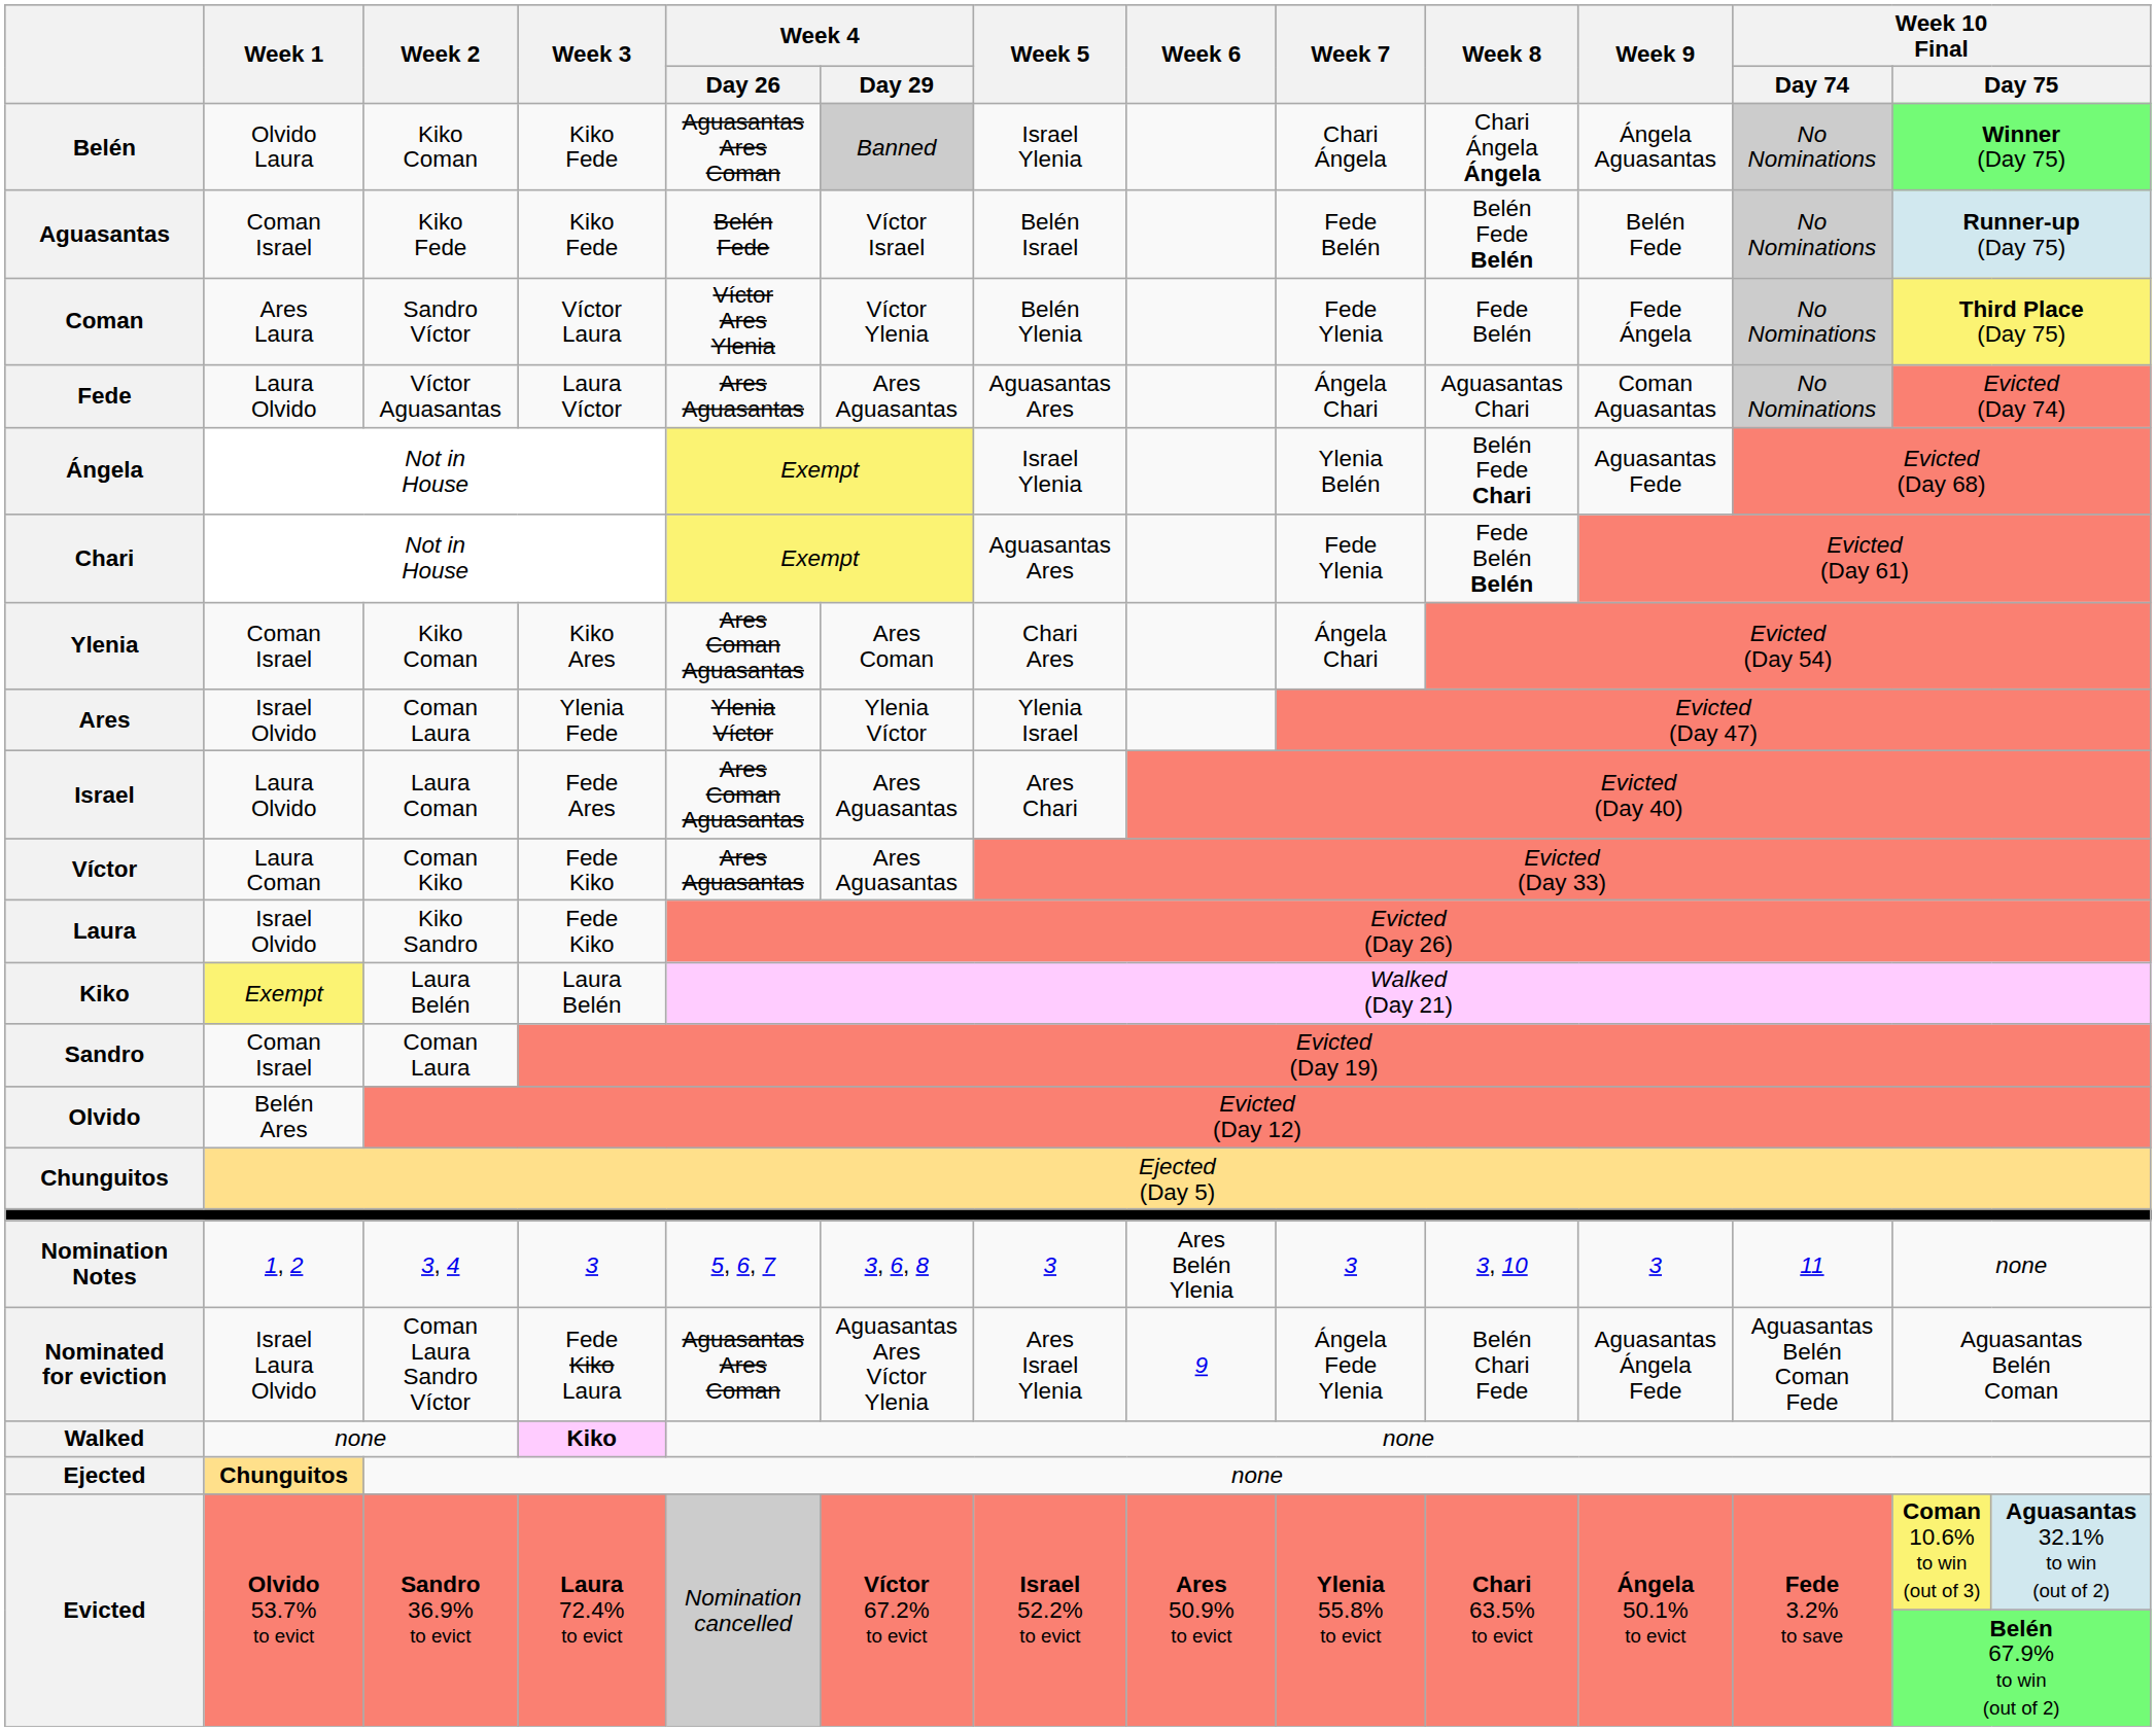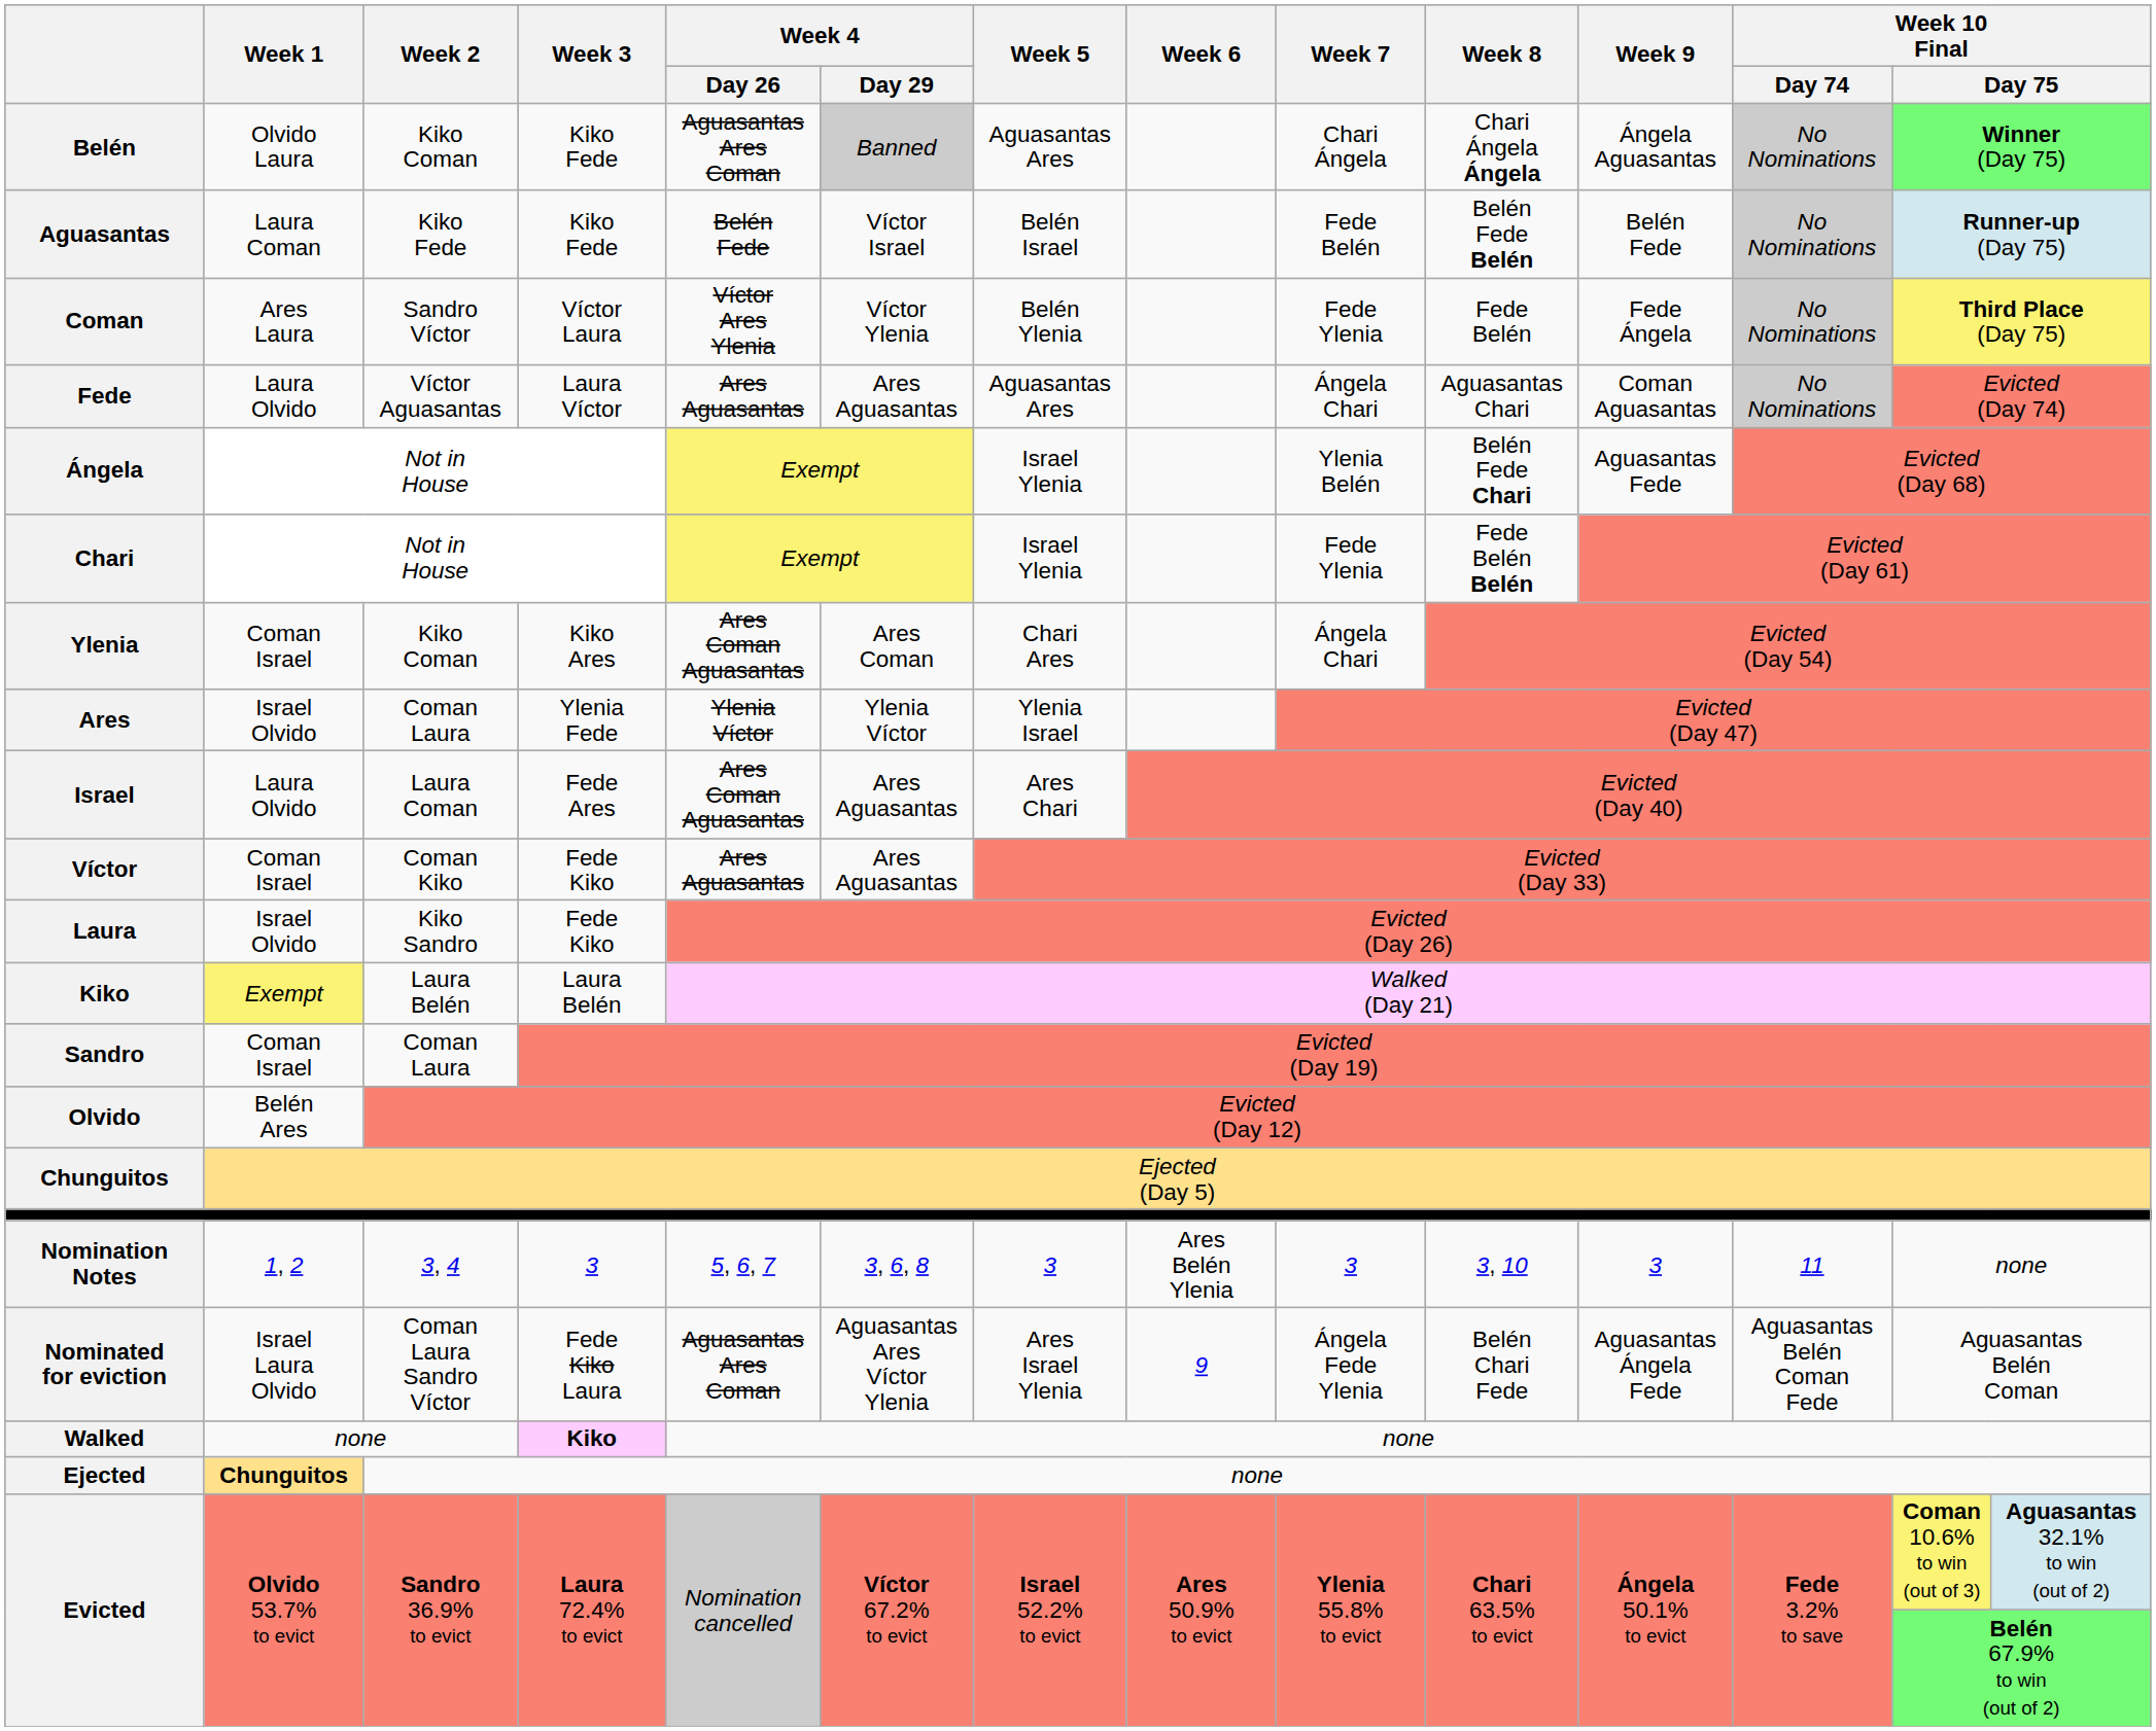 <table class="wikitable" style="text-align:center; width: 100%; font-size:85%; line-height:15px;">
 <tr>
 <th rowspan=2 style="width:8%"></th>
 <th rowspan=2 style="width:6%">Week 1</th>
 <th rowspan=2 style="width:6%">Week 2</th>
 <th rowspan=2 style="width:6%">Week 3</th>
 <th colspan="2" style="width: 12%;">Week 4</th>
 <th rowspan=2 style="width:6%">Week 5</th>
 <th rowspan=2 style="width:6%">Week 6</th>
 <th rowspan=2 style="width:6%">Week 7</th>
 <th rowspan=2 style="width:6%">Week 8</th>
 <th rowspan="2" style="width: 6%;">Week 9</th>
 <th colspan="3">Week 10<br>Final</th>
 </tr>
 <tr>
 <th style="width:6%">Day 26</th>
 <th style="width:6%">Day 29</th>
 <th style="width:6%">Day 74</th>
 <th colspan="2" style="width:8%">Day 75</th>
 </tr>
 <tr>
 <th>Belén</th>
 <td>Olvido<br>Laura</td>
 <td>Kiko<br>Coman</td>
 <td>Kiko<br>Fede</td>
 <td><s>Aguasantas<br>Ares<br>Coman</s></td>
 <td style="background:#CCCCCC"><em>Banned</em></td>
-<td>Israel<br>Ylenia</td>
+<td>Aguasantas<br>Ares</td>
 <td><br></td>
 <td>Chari<br>Ángela</td>
 <td>Chari<br>Ángela<br><strong>Ángela</strong></td>
 <td>Ángela<br>Aguasantas</td>
 <td style="background:#CCCCCC"><em>No<br>Nominations</em></td>
 <td colspan="2" style="background:#73FB76"><strong>Winner</strong><br>(Day 75)</td>
 </tr>
 <tr>
 <th>Aguasantas</th>
-<td>Coman<br>Israel</td>
+<td>Laura<br>Coman</td>
 <td>Kiko<br>Fede</td>
 <td>Kiko<br>Fede</td>
 <td><s>Belén<br>Fede</s></td>
 <td>Víctor<br>Israel</td>
 <td>Belén<br>Israel</td>
 <td><br></td>
 <td>Fede<br>Belén</td>
 <td>Belén<br>Fede<br><strong>Belén</strong></td>
 <td>Belén<br>Fede</td>
 <td style="background:#CCCCCC"><em>No<br>Nominations</em></td>
 <td colspan="2" style="background:#D1E8EF"><strong>Runner-up</strong><br>(Day 75)</td>
 </tr>
 <tr>
 <th>Coman</th>
 <td>Ares<br>Laura</td>
 <td>Sandro<br>Víctor</td>
 <td>Víctor<br>Laura</td>
 <td><s>Víctor<br>Ares<br>Ylenia</s></td>
 <td>Víctor<br>Ylenia</td>
 <td>Belén<br>Ylenia</td>
 <td><br></td>
 <td>Fede<br>Ylenia</td>
 <td>Fede<br>Belén</td>
 <td>Fede<br>Ángela</td>
 <td style="background:#CCCCCC"><em>No<br>Nominations</em></td>
 <td colspan="2" style="background:#FBF373"><strong>Third Place</strong><br>(Day 75)</td>
 </tr>
 <tr>
 <th>Fede</th>
 <td>Laura<br>Olvido</td>
 <td>Víctor<br>Aguasantas</td>
 <td>Laura<br>Víctor</td>
 <td><s>Ares<br>Aguasantas</s></td>
 <td>Ares<br>Aguasantas</td>
 <td>Aguasantas<br>Ares</td>
 <td><br></td>
 <td>Ángela<br>Chari</td>
 <td>Aguasantas<br>Chari</td>
 <td>Coman<br>Aguasantas</td>
 <td style="background:#CCCCCC"><em>No<br>Nominations</em></td>
 <td colspan="2" style="background:salmon; text-align:center;"><em>Evicted</em><br>(Day 74)</td>
 </tr>
 <tr>
 <th>Ángela</th>
 <td style="background:white;" colspan=3><em>Not in<br>House</em></td>
 <td colspan="2" style="background:#FBF373;"><em>Exempt</em></td>
 <td>Israel<br>Ylenia</td>
 <td><br></td>
 <td>Ylenia<br>Belén</td>
 <td>Belén<br>Fede<br><strong>Chari</strong></td>
 <td>Aguasantas<br>Fede</td>
 <td colspan="3" style="background:salmon; text-align:center;"><em>Evicted</em><br>(Day 68)</td>
 </tr>
 <tr>
 <th>Chari</th>
 <td style="background:white;" colspan=3><em>Not in<br>House</em></td>
 <td colspan="2" style="background:#FBF373;"><em>Exempt</em></td>
-<td>Aguasantas<br>Ares</td>
+<td>Israel<br>Ylenia</td>
 <td><br></td>
 <td>Fede<br>Ylenia</td>
 <td>Fede<br>Belén<br><strong>Belén</strong></td>
 <td colspan="4" style="background:salmon; text-align:center;"><em>Evicted</em><br>(Day 61)</td>
 </tr>
 <tr>
 <th>Ylenia</th>
 <td>Coman<br>Israel</td>
 <td>Kiko<br>Coman</td>
 <td>Kiko<br>Ares</td>
 <td><s>Ares<br>Coman<br>Aguasantas</s></td>
 <td>Ares<br>Coman</td>
 <td>Chari<br>Ares</td>
 <td><br></td>
 <td>Ángela<br>Chari</td>
 <td colspan="5" style="background:salmon; text-align:center;"><em>Evicted</em><br>(Day 54)</td>
 </tr>
 <tr>
 <th>Ares</th>
 <td>Israel<br>Olvido</td>
 <td>Coman<br>Laura</td>
 <td>Ylenia<br>Fede</td>
 <td><s>Ylenia<br>Víctor</s></td>
 <td>Ylenia<br>Víctor</td>
 <td>Ylenia<br>Israel</td>
 <td><br></td>
 <td colspan="6" style="background:salmon; text-align:center;"><em>Evicted</em><br>(Day 47)</td>
 </tr>
 <tr>
 <th>Israel</th>
 <td>Laura<br>Olvido</td>
 <td>Laura<br>Coman</td>
 <td>Fede<br>Ares</td>
 <td><s>Ares<br>Coman<br>Aguasantas</s></td>
 <td>Ares<br>Aguasantas</td>
 <td>Ares<br>Chari</td>
 <td colspan="7" style="background:salmon; text-align:center;"><em>Evicted</em><br>(Day 40)</td>
 </tr>
 <tr>
 <th>Víctor</th>
-<td>Laura<br>Coman</td>
+<td>Coman<br>Israel</td>
 <td>Coman<br>Kiko</td>
 <td>Fede<br>Kiko</td>
 <td><s>Ares<br>Aguasantas</s></td>
 <td>Ares<br>Aguasantas</td>
 <td colspan="8" style="background:salmon; text-align:center;"><em>Evicted</em><br>(Day 33)</td>
 </tr>
 <tr>
 <th>Laura</th>
 <td>Israel<br>Olvido</td>
 <td>Kiko<br>Sandro</td>
 <td>Fede<br>Kiko</td>
 <td colspan="10" style="background:salmon; text-align:center;"><em>Evicted</em><br>(Day 26)</td>
 </tr>
 <tr>
 <th>Kiko</th>
 <td style="background:#FBF373;"><em>Exempt</em></td>
 <td>Laura<br>Belén</td>
 <td>Laura<br>Belén</td>
 <td colspan="10" style="background:#ffccff;"><em>Walked</em><br>(Day 21)</td>
 </tr>
 <tr>
 <th>Sandro</th>
 <td>Coman<br>Israel</td>
 <td>Coman<br>Laura</td>
 <td colspan="11" style="background:salmon; text-align:center;"><em>Evicted</em><br>(Day 19)</td>
 </tr>
 <tr>
 <th>Olvido</th>
 <td>Belén<br>Ares</td>
 <td colspan="12" style="background:salmon; text-align:center;"><em>Evicted</em><br>(Day 12)</td>
 </tr>
 <tr>
 <th>Chunguitos</th>
 <td colspan="13" style="background:#FFE08B"><em>Ejected</em><br>(Day 5)</td>
 </tr>
 <tr>
 <th colspan="14" style="background-color: black;"></th>
 </tr>
 <tr>
 <th>Nomination<br>Notes</th>
 <td><em><a href='#'>1</a></em>, <em><a href='#'>2</a></em></td>
 <td><em><a href='#'>3</a></em>, <em><a href='#'>4</a></em></td>
 <td><em><a href='#'>3</a></em></td>
 <td><em><a href='#'>5</a></em>, <em><a href='#'>6</a></em>, <em><a href='#'>7</a></em></td>
 <td><em><a href='#'>3</a></em>, <em><a href='#'>6</a></em>, <em><a href='#'>8</a></em></td>
 <td><em><a href='#'>3</a></em></td>
 <td>Ares<br>Belén<br>Ylenia</td>
 <td><em><a href='#'>3</a></em></td>
 <td><em><a href='#'>3</a></em>, <em><a href='#'>10</a></em></td>
 <td><em><a href='#'>3</a></em></td>
 <td><em><a href='#'>11</a></em></td>
 <td colspan="2"><em>none</em></td>
 </tr>
 <tr>
 <th>Nominated<br>for eviction</th>
 <td>Israel<br>Laura<br>Olvido</td>
 <td>Coman<br>Laura<br>Sandro<br>Víctor</td>
 <td>Fede<br><s>Kiko</s><br>Laura</td>
 <td><s>Aguasantas<br>Ares<br>Coman</s></td>
 <td>Aguasantas<br>Ares<br>Víctor<br>Ylenia</td>
 <td>Ares<br>Israel<br>Ylenia</td>
 <td><em><a href='#'>9</a></em></td>
 <td>Ángela<br>Fede<br>Ylenia</td>
 <td>Belén<br>Chari<br>Fede</td>
 <td>Aguasantas<br>Ángela<br>Fede</td>
 <td>Aguasantas<br>Belén<br>Coman<br>Fede</td>
 <td colspan="2">Aguasantas<br>Belén<br>Coman</td>
 </tr>
 <tr>
 <th>Walked</th>
 <td colspan=2><em>none</em></td>
 <td style="background:#ffccff;"><strong>Kiko</strong></td>
 <td colspan="10"><em>none</em></td>
 </tr>
 <tr>
 <th>Ejected</th>
 <td style="background:#FFE08B"><strong>Chunguitos</strong></td>
 <td colspan="12"><em>none</em></td>
 </tr>
 <tr>
 <th rowspan="2">Evicted</th>
 <td rowspan="2" style="background:salmon; text-align: center;"><strong>Olvido</strong><br>53.7%<br><small>to evict</small></td>
 <td rowspan="2" style="background:salmon; text-align: center;"><strong>Sandro</strong><br>36.9%<br><small>to evict</small></td>
 <td rowspan="2" style="background:salmon; text-align: center;"><strong>Laura</strong><br>72.4%<br><small>to evict</small></td>
 <td rowspan="2" style="background:#CCCCCC;"><em>Nomination<br>cancelled</em></td>
 <td rowspan="2" style="background:salmon; text-align: center;"><strong>Víctor</strong><br>67.2%<br><small>to evict</small></td>
 <td rowspan="2" style="background:salmon; text-align: center;"><strong>Israel</strong><br>52.2%<br><small>to evict</small></td>
 <td rowspan="2" style="background:salmon; text-align: center;"><strong>Ares</strong><br>50.9%<br><small>to evict</small></td>
 <td rowspan="2" style="background:salmon; text-align: center;"><strong>Ylenia</strong><br>55.8%<br><small>to evict</small></td>
 <td rowspan="2" style="background:salmon; text-align: center;"><strong>Chari</strong><br>63.5%<br><small>to evict</small></td>
 <td rowspan="2" style="background:salmon; text-align: center;"><strong>Ángela</strong><br>50.1%<br><small>to evict</small></td>
 <td rowspan="2" style="background:salmon; text-align: center;"><strong>Fede</strong><br>3.2%<br><small>to save</small></td>
 <td style="background:#FBF373"><strong>Coman</strong><br>10.6%<br><small>to win<br>(out of 3)</small></td>
 <td style="background:#D1E8EF; text-align: center;"><strong>Aguasantas</strong><br>32.1%<br><small>to win<br>(out of 2)</small></td>
 </tr>
 <tr>
 <td colspan="2" style="background:#73FB76; text-align:center;"><strong>Belén</strong><br>67.9%<br><small>to win<br>(out of 2)</small></td>
 </tr>
 </table>
